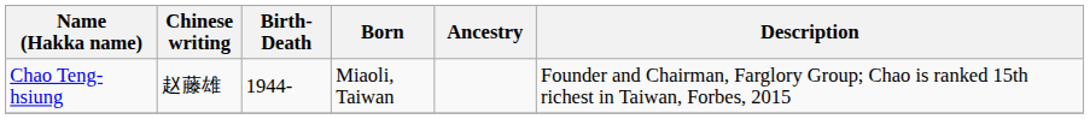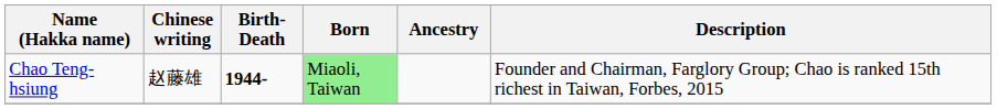 <table class="wikitable">
 <tr>
 <th width="115">Name<br>(Hakka name)</th>
 <th width="60">Chinese writing</th>
 <th width="65">Birth-Death</th>
 <th width="75">Born</th>
 <th width="75">Ancestry</th>
 <th>Description</th>
 </tr>
 <tr>
 <td><a href='#'>Chao Teng-hsiung</a></td>
 <td>赵藤雄</td>
-<td>1944-</td>
-<td>Miaoli, Taiwan</td>
+<td><strong>1944-</strong></td>
+<td style="background: lightgreen;">Miaoli, Taiwan</td>
 <td></td>
 <td>Founder and Chairman, Farglory Group; Chao is ranked 15th richest in Taiwan, Forbes, 2015</td>
 </tr>
 <tr>
 </tr>
 </table>
